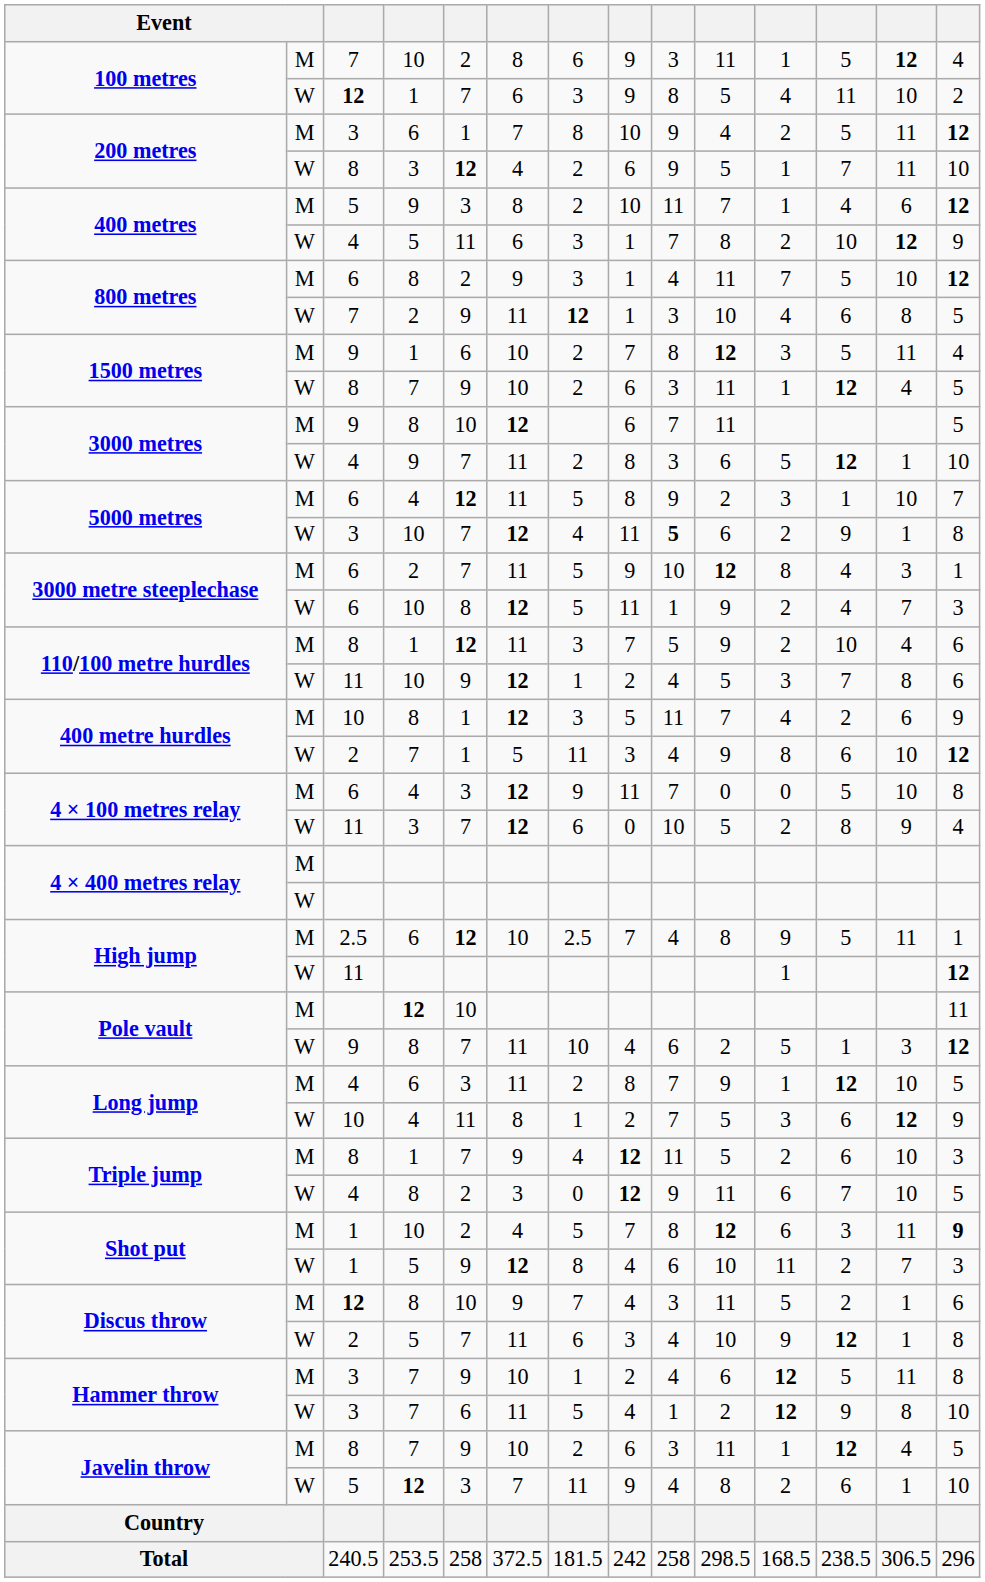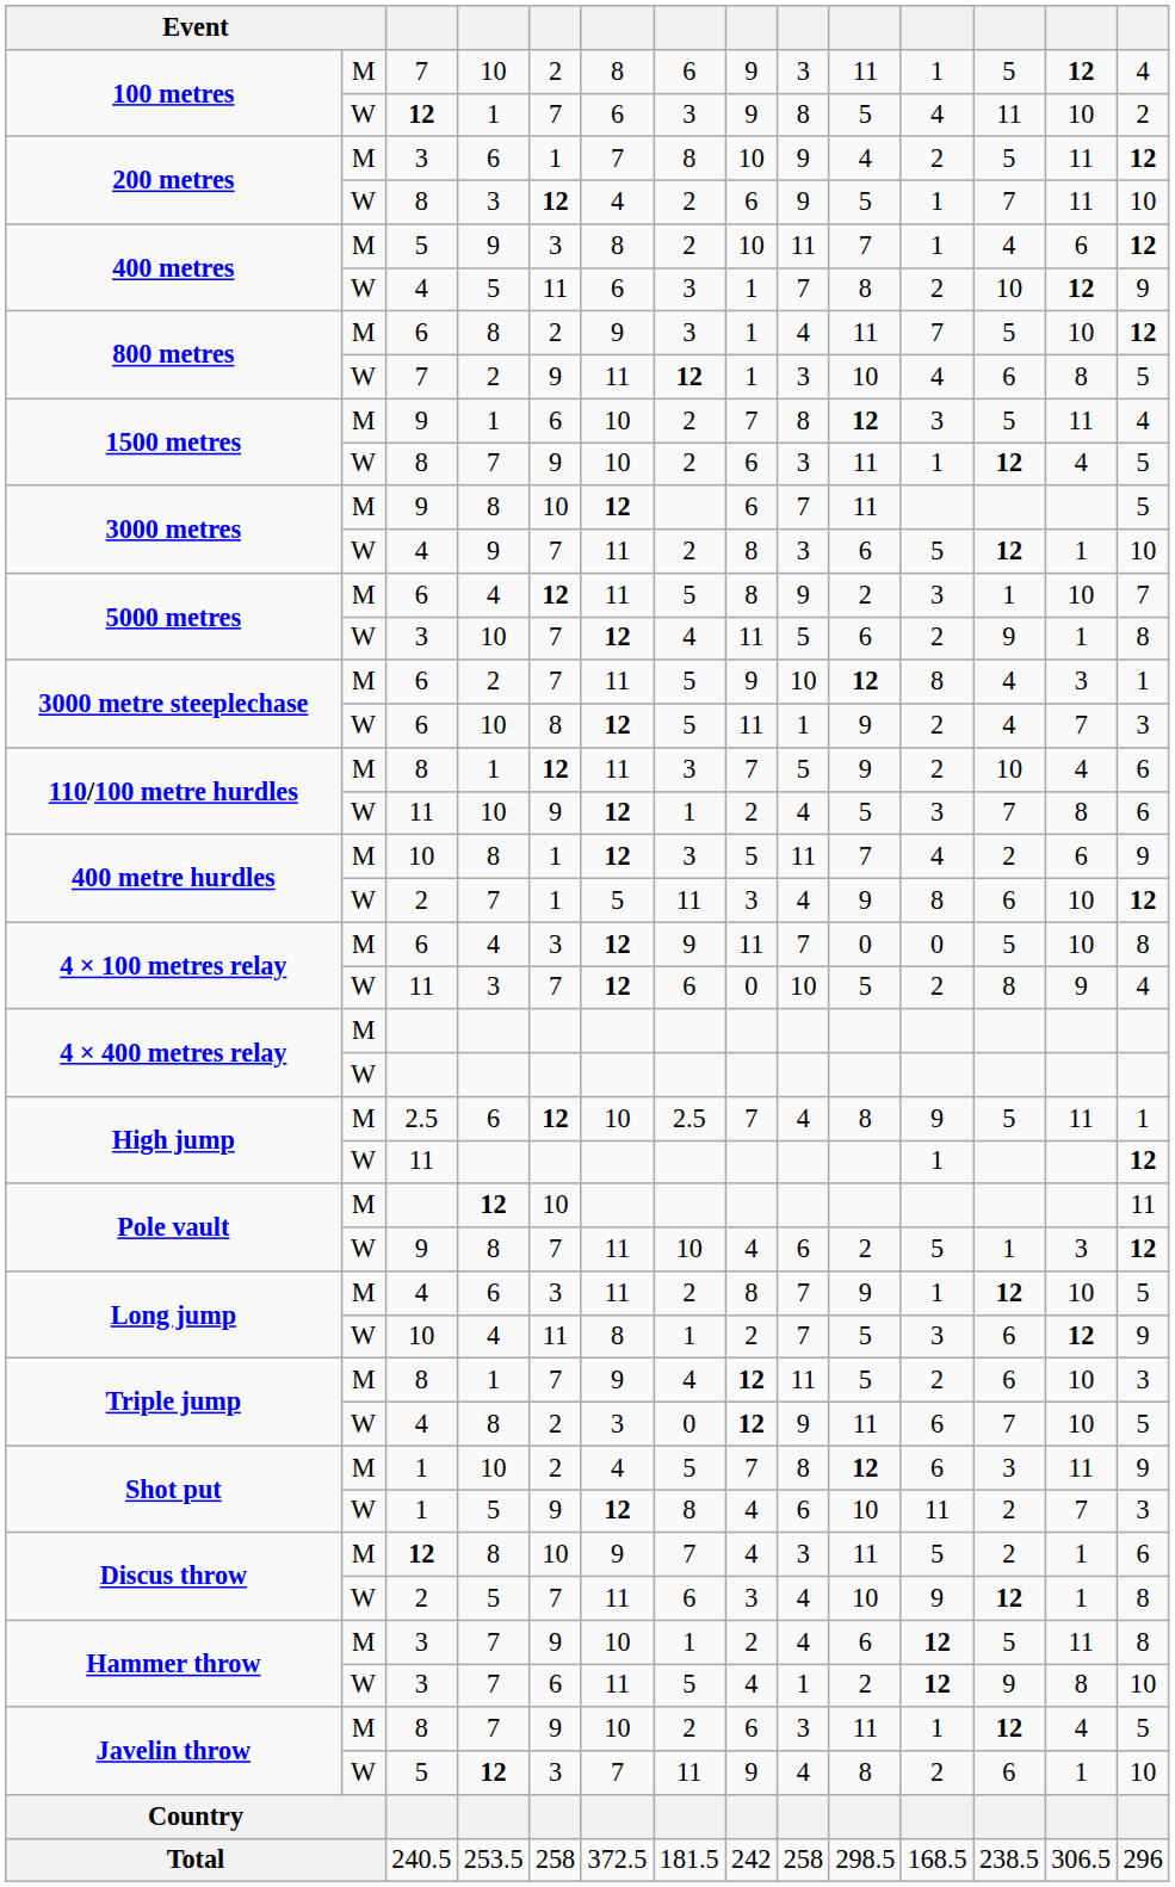 <table class="wikitable" style="background-color: #f9f9f9; font-size: 90%; text-align: center">
 <tr>
 <th width=200 colspan=2>Event</th>
 <th></th>
 <th></th>
 <th></th>
 <th></th>
 <th></th>
 <th></th>
 <th></th>
 <th></th>
 <th></th>
 <th></th>
 <th></th>
 <th></th>
 </tr>
 <tr>
 <td rowspan=2><strong><a href='#'>100 metres</a></strong></td>
 <td>M</td>
 <td>7</td>
 <td>10</td>
 <td>2</td>
 <td>8</td>
 <td>6</td>
 <td>9</td>
 <td>3</td>
 <td>11</td>
 <td>1</td>
 <td>5</td>
 <td><strong>12</strong></td>
 <td>4</td>
 </tr>
 <tr>
 <td>W</td>
 <td><strong>12</strong></td>
 <td>1</td>
 <td>7</td>
 <td>6</td>
 <td>3</td>
 <td>9</td>
 <td>8</td>
 <td>5</td>
 <td>4</td>
 <td>11</td>
 <td>10</td>
 <td>2</td>
 </tr>
 <tr>
 <td rowspan=2><strong><a href='#'>200 metres</a></strong></td>
 <td>M</td>
 <td>3</td>
 <td>6</td>
 <td>1</td>
 <td>7</td>
 <td>8</td>
 <td>10</td>
 <td>9</td>
 <td>4</td>
 <td>2</td>
 <td>5</td>
 <td>11</td>
 <td><strong>12</strong></td>
 </tr>
 <tr>
 <td>W</td>
 <td>8</td>
 <td>3</td>
 <td><strong>12</strong></td>
 <td>4</td>
 <td>2</td>
 <td>6</td>
 <td>9</td>
 <td>5</td>
 <td>1</td>
 <td>7</td>
 <td>11</td>
 <td>10</td>
 </tr>
 <tr>
 <td rowspan=2><strong><a href='#'>400 metres</a></strong></td>
 <td>M</td>
 <td>5</td>
 <td>9</td>
 <td>3</td>
 <td>8</td>
 <td>2</td>
 <td>10</td>
 <td>11</td>
 <td>7</td>
 <td>1</td>
 <td>4</td>
 <td>6</td>
 <td><strong>12</strong></td>
 </tr>
 <tr>
 <td>W</td>
 <td>4</td>
 <td>5</td>
 <td>11</td>
 <td>6</td>
 <td>3</td>
 <td>1</td>
 <td>7</td>
 <td>8</td>
 <td>2</td>
 <td>10</td>
 <td><strong>12</strong></td>
 <td>9</td>
 </tr>
 <tr>
 <td rowspan=2><strong><a href='#'>800 metres</a></strong></td>
 <td>M</td>
 <td>6</td>
 <td>8</td>
 <td>2</td>
 <td>9</td>
 <td>3</td>
 <td>1</td>
 <td>4</td>
 <td>11</td>
 <td>7</td>
 <td>5</td>
 <td>10</td>
 <td><strong>12</strong></td>
 </tr>
 <tr>
 <td>W</td>
 <td>7</td>
 <td>2</td>
 <td>9</td>
 <td>11</td>
 <td><strong>12</strong></td>
 <td>1</td>
 <td>3</td>
 <td>10</td>
 <td>4</td>
 <td>6</td>
 <td>8</td>
 <td>5</td>
 </tr>
 <tr>
 <td rowspan=2><strong><a href='#'>1500 metres</a></strong></td>
 <td>M</td>
 <td>9</td>
 <td>1</td>
 <td>6</td>
 <td>10</td>
 <td>2</td>
 <td>7</td>
 <td>8</td>
 <td><strong>12</strong></td>
 <td>3</td>
 <td>5</td>
 <td>11</td>
 <td>4</td>
 </tr>
 <tr>
 <td>W</td>
 <td>8</td>
 <td>7</td>
 <td>9</td>
 <td>10</td>
 <td>2</td>
 <td>6</td>
 <td>3</td>
 <td>11</td>
 <td>1</td>
 <td><strong>12</strong></td>
 <td>4</td>
 <td>5</td>
 </tr>
 <tr>
 <td rowspan=2><strong><a href='#'>3000 metres</a></strong></td>
 <td>M</td>
 <td>9</td>
 <td>8</td>
 <td>10</td>
 <td><strong>12</strong></td>
 <td></td>
 <td>6</td>
 <td>7</td>
 <td>11</td>
 <td></td>
 <td></td>
 <td></td>
 <td>5</td>
 </tr>
 <tr>
 <td>W</td>
 <td>4</td>
 <td>9</td>
 <td>7</td>
 <td>11</td>
 <td>2</td>
 <td>8</td>
 <td>3</td>
 <td>6</td>
 <td>5</td>
 <td><strong>12</strong></td>
 <td>1</td>
 <td>10</td>
 </tr>
 <tr>
 <td rowspan=2><strong><a href='#'>5000 metres</a></strong></td>
 <td>M</td>
 <td>6</td>
 <td>4</td>
 <td><strong>12</strong></td>
 <td>11</td>
 <td>5</td>
 <td>8</td>
 <td>9</td>
 <td>2</td>
 <td>3</td>
 <td>1</td>
 <td>10</td>
 <td>7</td>
 </tr>
 <tr>
 <td>W</td>
 <td>3</td>
 <td>10</td>
 <td>7</td>
 <td><strong>12</strong></td>
 <td>4</td>
 <td>11</td>
-<td><strong>5</strong></td>
+<td>5</td>
 <td>6</td>
 <td>2</td>
 <td>9</td>
 <td>1</td>
 <td>8</td>
 </tr>
 <tr>
 <td rowspan=2><strong><a href='#'>3000 metre steeplechase</a></strong></td>
 <td>M</td>
 <td>6</td>
 <td>2</td>
 <td>7</td>
 <td>11</td>
 <td>5</td>
 <td>9</td>
 <td>10</td>
 <td><strong>12</strong></td>
 <td>8</td>
 <td>4</td>
 <td>3</td>
 <td>1</td>
 </tr>
 <tr>
 <td>W</td>
 <td>6</td>
 <td>10</td>
 <td>8</td>
 <td><strong>12</strong></td>
 <td>5</td>
 <td>11</td>
 <td>1</td>
 <td>9</td>
 <td>2</td>
 <td>4</td>
 <td>7</td>
 <td>3</td>
 </tr>
 <tr>
 <td rowspan=2><strong><a href='#'>110</a>/<a href='#'>100 metre hurdles</a></strong></td>
 <td>M</td>
 <td>8</td>
 <td>1</td>
 <td><strong>12</strong></td>
 <td>11</td>
 <td>3</td>
 <td>7</td>
 <td>5</td>
 <td>9</td>
 <td>2</td>
 <td>10</td>
 <td>4</td>
 <td>6</td>
 </tr>
 <tr>
 <td>W</td>
 <td>11</td>
 <td>10</td>
 <td>9</td>
 <td><strong>12</strong></td>
 <td>1</td>
 <td>2</td>
 <td>4</td>
 <td>5</td>
 <td>3</td>
 <td>7</td>
 <td>8</td>
 <td>6</td>
 </tr>
 <tr>
 <td rowspan=2><strong><a href='#'>400 metre hurdles</a></strong></td>
 <td>M</td>
 <td>10</td>
 <td>8</td>
 <td>1</td>
 <td><strong>12</strong></td>
 <td>3</td>
 <td>5</td>
 <td>11</td>
 <td>7</td>
 <td>4</td>
 <td>2</td>
 <td>6</td>
 <td>9</td>
 </tr>
 <tr>
 <td>W</td>
 <td>2</td>
 <td>7</td>
 <td>1</td>
 <td>5</td>
 <td>11</td>
 <td>3</td>
 <td>4</td>
 <td>9</td>
 <td>8</td>
 <td>6</td>
 <td>10</td>
 <td><strong>12</strong></td>
 </tr>
 <tr>
 <td rowspan=2><strong><a href='#'>4 × 100 metres relay</a></strong></td>
 <td>M</td>
 <td>6</td>
 <td>4</td>
 <td>3</td>
 <td><strong>12</strong></td>
 <td>9</td>
 <td>11</td>
 <td>7</td>
 <td>0</td>
 <td>0</td>
 <td>5</td>
 <td>10</td>
 <td>8</td>
 </tr>
 <tr>
 <td>W</td>
 <td>11</td>
 <td>3</td>
 <td>7</td>
 <td><strong>12</strong></td>
 <td>6</td>
 <td>0</td>
 <td>10</td>
 <td>5</td>
 <td>2</td>
 <td>8</td>
 <td>9</td>
 <td>4</td>
 </tr>
 <tr>
 <td rowspan=2><strong><a href='#'>4 × 400 metres relay</a></strong></td>
 <td>M</td>
 <td></td>
 <td></td>
 <td></td>
 <td></td>
 <td></td>
 <td></td>
 <td></td>
 <td></td>
 <td></td>
 <td></td>
 <td></td>
 <td></td>
 </tr>
 <tr>
 <td>W</td>
 <td></td>
 <td></td>
 <td></td>
 <td></td>
 <td></td>
 <td></td>
 <td></td>
 <td></td>
 <td></td>
 <td></td>
 <td></td>
 <td></td>
 </tr>
 <tr>
 <td rowspan=2><strong><a href='#'>High jump</a></strong></td>
 <td>M</td>
 <td>2.5</td>
 <td>6</td>
 <td><strong>12</strong></td>
 <td>10</td>
 <td>2.5</td>
 <td>7</td>
 <td>4</td>
 <td>8</td>
 <td>9</td>
 <td>5</td>
 <td>11</td>
 <td>1</td>
 </tr>
 <tr>
 <td>W</td>
 <td>11</td>
 <td></td>
 <td></td>
 <td></td>
 <td></td>
 <td></td>
 <td></td>
 <td></td>
 <td>1</td>
 <td></td>
 <td></td>
 <td><strong>12</strong></td>
 </tr>
 <tr>
 <td rowspan=2><strong><a href='#'>Pole vault</a></strong></td>
 <td>M</td>
 <td></td>
 <td><strong>12</strong></td>
 <td>10</td>
 <td></td>
 <td></td>
 <td></td>
 <td></td>
 <td></td>
 <td></td>
 <td></td>
 <td></td>
 <td>11</td>
 </tr>
 <tr>
 <td>W</td>
 <td>9</td>
 <td>8</td>
 <td>7</td>
 <td>11</td>
 <td>10</td>
 <td>4</td>
 <td>6</td>
 <td>2</td>
 <td>5</td>
 <td>1</td>
 <td>3</td>
 <td><strong>12</strong></td>
 </tr>
 <tr>
 <td rowspan=2><strong><a href='#'>Long jump</a></strong></td>
 <td>M</td>
 <td>4</td>
 <td>6</td>
 <td>3</td>
 <td>11</td>
 <td>2</td>
 <td>8</td>
 <td>7</td>
 <td>9</td>
 <td>1</td>
 <td><strong>12</strong></td>
 <td>10</td>
 <td>5</td>
 </tr>
 <tr>
 <td>W</td>
 <td>10</td>
 <td>4</td>
 <td>11</td>
 <td>8</td>
 <td>1</td>
 <td>2</td>
 <td>7</td>
 <td>5</td>
 <td>3</td>
 <td>6</td>
 <td><strong>12</strong></td>
 <td>9</td>
 </tr>
 <tr>
 <td rowspan=2><strong><a href='#'>Triple jump</a></strong></td>
 <td>M</td>
 <td>8</td>
 <td>1</td>
 <td>7</td>
 <td>9</td>
 <td>4</td>
 <td><strong>12</strong></td>
 <td>11</td>
 <td>5</td>
 <td>2</td>
 <td>6</td>
 <td>10</td>
 <td>3</td>
 </tr>
 <tr>
 <td>W</td>
 <td>4</td>
 <td>8</td>
 <td>2</td>
 <td>3</td>
 <td>0</td>
 <td><strong>12</strong></td>
 <td>9</td>
 <td>11</td>
 <td>6</td>
 <td>7</td>
 <td>10</td>
 <td>5</td>
 </tr>
 <tr>
 <td rowspan=2><strong><a href='#'>Shot put</a></strong></td>
 <td>M</td>
 <td>1</td>
 <td>10</td>
 <td>2</td>
 <td>4</td>
 <td>5</td>
 <td>7</td>
 <td>8</td>
 <td><strong>12</strong></td>
 <td>6</td>
 <td>3</td>
 <td>11</td>
-<td><strong>9</strong></td>
+<td>9</td>
 </tr>
 <tr>
 <td>W</td>
 <td>1</td>
 <td>5</td>
 <td>9</td>
 <td><strong>12</strong></td>
 <td>8</td>
 <td>4</td>
 <td>6</td>
 <td>10</td>
 <td>11</td>
 <td>2</td>
 <td>7</td>
 <td>3</td>
 </tr>
 <tr>
 <td rowspan=2><strong><a href='#'>Discus throw</a></strong></td>
 <td>M</td>
 <td><strong>12</strong></td>
 <td>8</td>
 <td>10</td>
 <td>9</td>
 <td>7</td>
 <td>4</td>
 <td>3</td>
 <td>11</td>
 <td>5</td>
 <td>2</td>
 <td>1</td>
 <td>6</td>
 </tr>
 <tr>
 <td>W</td>
 <td>2</td>
 <td>5</td>
 <td>7</td>
 <td>11</td>
 <td>6</td>
 <td>3</td>
 <td>4</td>
 <td>10</td>
 <td>9</td>
 <td><strong>12</strong></td>
 <td>1</td>
 <td>8</td>
 </tr>
 <tr>
 <td rowspan=2><strong><a href='#'>Hammer throw</a></strong></td>
 <td>M</td>
 <td>3</td>
 <td>7</td>
 <td>9</td>
 <td>10</td>
 <td>1</td>
 <td>2</td>
 <td>4</td>
 <td>6</td>
 <td><strong>12</strong></td>
 <td>5</td>
 <td>11</td>
 <td>8</td>
 </tr>
 <tr>
 <td>W</td>
 <td>3</td>
 <td>7</td>
 <td>6</td>
 <td>11</td>
 <td>5</td>
 <td>4</td>
 <td>1</td>
 <td>2</td>
 <td><strong>12</strong></td>
 <td>9</td>
 <td>8</td>
 <td>10</td>
 </tr>
 <tr>
 <td rowspan=2><strong><a href='#'>Javelin throw</a></strong></td>
 <td>M</td>
 <td>8</td>
 <td>7</td>
 <td>9</td>
 <td>10</td>
 <td>2</td>
 <td>6</td>
 <td>3</td>
 <td>11</td>
 <td>1</td>
 <td><strong>12</strong></td>
 <td>4</td>
 <td>5</td>
 </tr>
 <tr>
 <td>W</td>
 <td>5</td>
 <td><strong>12</strong></td>
 <td>3</td>
 <td>7</td>
 <td>11</td>
 <td>9</td>
 <td>4</td>
 <td>8</td>
 <td>2</td>
 <td>6</td>
 <td>1</td>
 <td>10</td>
 </tr>
 <tr>
 <th colspan=2>Country</th>
 <th></th>
 <th></th>
 <th></th>
 <th></th>
 <th></th>
 <th></th>
 <th></th>
 <th></th>
 <th></th>
 <th></th>
 <th></th>
 <th></th>
 </tr>
 <tr>
 <th colspan=2>Total</th>
 <td>240.5</td>
 <td>253.5</td>
 <td>258</td>
 <td>372.5</td>
 <td>181.5</td>
 <td>242</td>
 <td>258</td>
 <td>298.5</td>
 <td>168.5</td>
 <td>238.5</td>
 <td>306.5</td>
 <td>296</td>
 </tr>
 </table>
